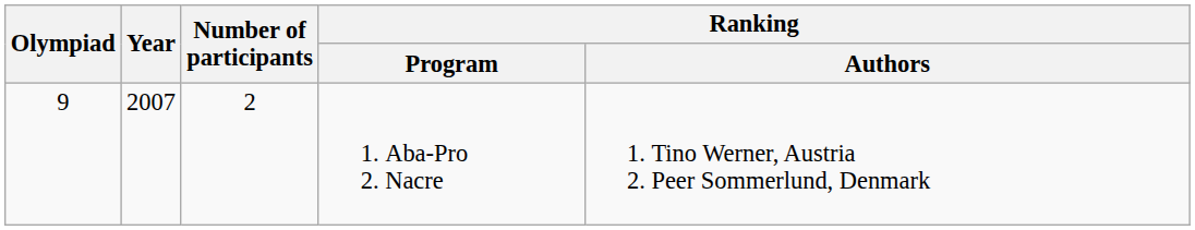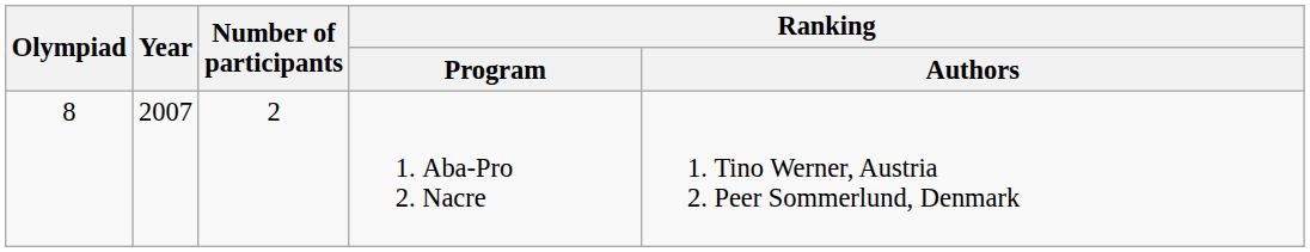 <table class="wikitable" style="width: 777px;">
 <tr>
 <th rowspan=2>Olympiad</th>
 <th rowspan=2>Year</th>
 <th rowspan=2>Number of<br>participants</th>
 <th colspan=2>Ranking</th>
 </tr>
 <tr align="center">
 <th>Program</th>
 <th>Authors</th>
 </tr>
 <tr align="center" valign="top">
-<td style="width: 60px;">9</td>
+<td style="width: 60px;">8</td>
 <td style="width: 30px;">2007</td>
 <td style="width: 80px;">2</td>
 <td style="width: 180px;" align="left"><br><ol><li>Aba-Pro</li><li>Nacre</li></ol></td>
 <td style="width: 427px;" align=left><br><ol><li>Tino Werner, Austria</li><li>Peer Sommerlund, Denmark</li></ol></td>
 </tr>
 </table>
